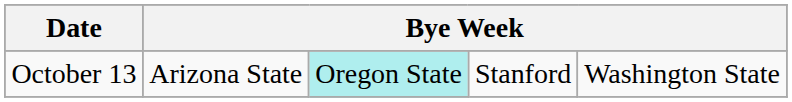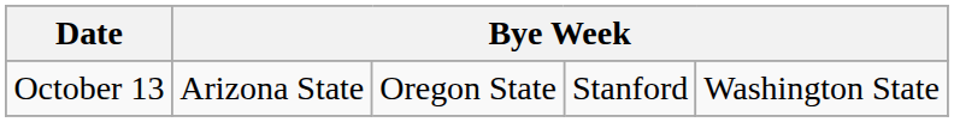 <table class="wikitable" style="font-size:95%;">
 <tr>
 <th>Date</th>
 <th colspan="4">Bye Week</th>
 </tr>
 <tr>
 <td>October 13</td>
 <td>Arizona State</td>
-<td style="background: paleturquoise;">Oregon State</td>
+<td>Oregon State</td>
 <td>Stanford</td>
 <td>Washington State</td>
 </tr>
 </table>
